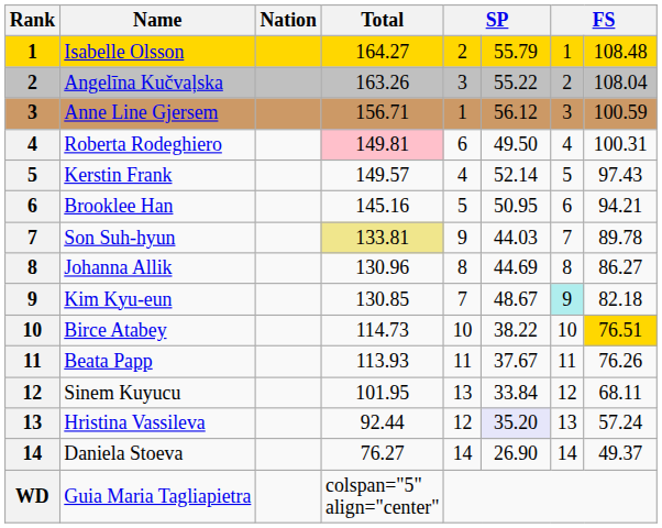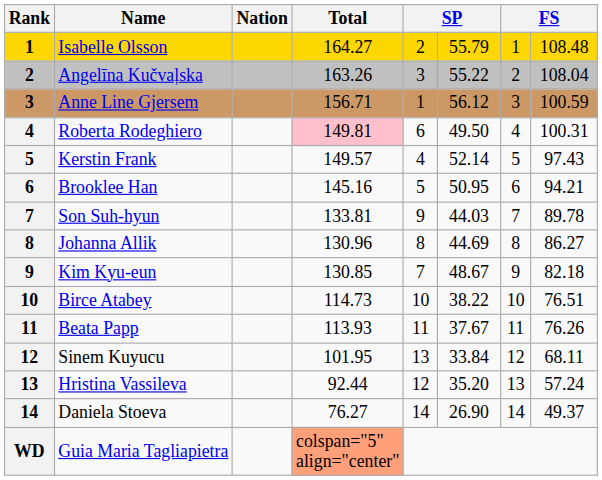 <table class="wikitable sortable">
 <tr>
 <th>Rank</th>
 <th>Name</th>
 <th>Nation</th>
 <th width="80px">Total</th>
 <th colspan="2" width="80px"><a href='#'>SP</a></th>
 <th colspan="2" width="80px"><a href='#'>FS</a></th>
 </tr>
 <tr bgcolor="gold">
 <td align="center"><strong>1</strong></td>
 <td><a href='#'>Isabelle Olsson</a></td>
 <td></td>
 <td align="center">164.27</td>
 <td align="center">2</td>
 <td align="center">55.79</td>
 <td align="center">1</td>
 <td align="center">108.48</td>
 </tr>
 <tr bgcolor="silver">
 <td align="center"><strong>2</strong></td>
 <td><a href='#'>Angelīna Kučvaļska</a></td>
 <td></td>
 <td align="center">163.26</td>
 <td align="center">3</td>
 <td align="center">55.22</td>
 <td align="center">2</td>
 <td align="center">108.04</td>
 </tr>
 <tr bgcolor="cc9966">
 <td align="center"><strong>3</strong></td>
 <td><a href='#'>Anne Line Gjersem</a></td>
 <td></td>
 <td align="center">156.71</td>
 <td align="center">1</td>
 <td align="center">56.12</td>
 <td align="center">3</td>
 <td align="center">100.59</td>
 </tr>
 <tr>
 <th>4</th>
 <td><a href='#'>Roberta Rodeghiero</a></td>
 <td></td>
 <td align="center" style="background: pink;">149.81</td>
 <td align="center">6</td>
 <td align="center">49.50</td>
 <td align="center">4</td>
 <td align="center">100.31</td>
 </tr>
 <tr>
 <th>5</th>
 <td><a href='#'>Kerstin Frank</a></td>
 <td></td>
 <td align="center">149.57</td>
 <td align="center">4</td>
 <td align="center">52.14</td>
 <td align="center">5</td>
 <td align="center">97.43</td>
 </tr>
 <tr>
 <th>6</th>
 <td><a href='#'>Brooklee Han</a></td>
 <td></td>
 <td align="center">145.16</td>
 <td align="center">5</td>
 <td align="center">50.95</td>
 <td align="center">6</td>
 <td align="center">94.21</td>
 </tr>
 <tr>
 <th>7</th>
 <td><a href='#'>Son Suh-hyun</a></td>
 <td></td>
-<td align="center" style="background: khaki;">133.81</td>
+<td align="center">133.81</td>
 <td align="center">9</td>
 <td align="center">44.03</td>
 <td align="center">7</td>
 <td align="center">89.78</td>
 </tr>
 <tr>
 <th>8</th>
 <td><a href='#'>Johanna Allik</a></td>
 <td></td>
 <td align="center">130.96</td>
 <td align="center">8</td>
 <td align="center">44.69</td>
 <td align="center">8</td>
 <td align="center">86.27</td>
 </tr>
 <tr>
 <th>9</th>
 <td><a href='#'>Kim Kyu-eun</a></td>
 <td></td>
 <td align="center">130.85</td>
 <td align="center">7</td>
 <td align="center">48.67</td>
-<td align="center" style="background: paleturquoise;">9</td>
+<td align="center">9</td>
 <td align="center">82.18</td>
 </tr>
 <tr>
 <th>10</th>
 <td><a href='#'>Birce Atabey</a></td>
 <td></td>
 <td align="center">114.73</td>
 <td align="center">10</td>
 <td align="center">38.22</td>
 <td align="center">10</td>
-<td align="center" style="background: gold;">76.51</td>
+<td align="center">76.51</td>
 </tr>
 <tr>
 <th>11</th>
 <td><a href='#'>Beata Papp</a></td>
 <td></td>
 <td align="center">113.93</td>
 <td align="center">11</td>
 <td align="center">37.67</td>
 <td align="center">11</td>
 <td align="center">76.26</td>
 </tr>
 <tr>
 <th>12</th>
 <td>Sinem Kuyucu</td>
 <td></td>
 <td align="center">101.95</td>
 <td align="center">13</td>
 <td align="center">33.84</td>
 <td align="center">12</td>
 <td align="center">68.11</td>
 </tr>
 <tr>
 <th>13</th>
 <td><a href='#'>Hristina Vassileva</a></td>
 <td></td>
 <td align="center">92.44</td>
 <td align="center">12</td>
-<td align="center" style="background: lavender;">35.20</td>
+<td align="center">35.20</td>
 <td align="center">13</td>
 <td align="center">57.24</td>
 </tr>
 <tr>
 <th>14</th>
 <td>Daniela Stoeva</td>
 <td></td>
 <td align="center">76.27</td>
 <td align="center">14</td>
 <td align="center">26.90</td>
 <td align="center">14</td>
 <td align="center">49.37</td>
 </tr>
 <tr>
 <th>WD</th>
 <td><a href='#'>Guia Maria Tagliapietra</a></td>
 <td></td>
-<td>colspan="5" align="center" </td>
+<td style="background: lightsalmon;">colspan="5" align="center" </td>
 </tr>
 </table>
